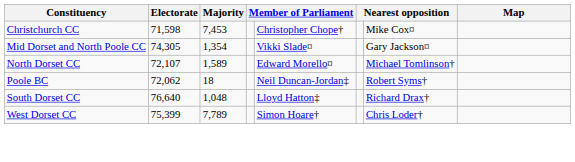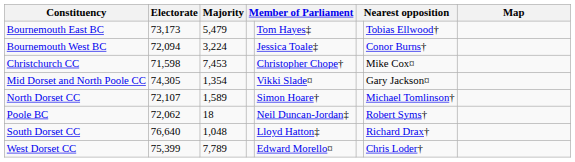 <table class="wikitable sortable">
 <tr>
 <th rowspan="1">Constituency</th>
 <th rowspan="1">Electorate</th>
 <th rowspan="1">Majority</th>
 <th colspan="2"><a href='#'>Member of Parliament</a></th>
 <th colspan="2">Nearest opposition</th>
 <th rowspan=1 class="unsortable" style="width:20%;">Map</th>
+</tr>
+<tr>
+<td><a href='#'>Bournemouth East BC</a></td>
+<td>73,173</td>
+<td>5,479</td>
+<td style="color:inherit;background:"> </td>
+<td><a href='#'>Tom Hayes</a>‡</td>
+<td style="color:inherit;background:"> </td>
+<td><a href='#'>Tobias Ellwood</a>†</td>
+<td></td>
+</tr>
+<tr>
+<td><a href='#'>Bournemouth West BC</a></td>
+<td>72,094</td>
+<td>3,224</td>
+<td style="color:inherit;background:"> </td>
+<td><a href='#'>Jessica Toale</a>‡</td>
+<td style="color:inherit;background:"> </td>
+<td><a href='#'>Conor Burns</a>†</td>
+<td></td>
 </tr>
 <tr>
 <td><a href='#'>Christchurch CC</a></td>
 <td>71,598</td>
 <td>7,453</td>
 <td style="color:inherit;background:"> </td>
 <td><a href='#'>Christopher Chope</a>†</td>
 <td style="color:inherit;background:"> </td>
 <td>Mike Cox¤</td>
 <td></td>
 </tr>
 <tr>
 <td><a href='#'>Mid Dorset and North Poole CC</a></td>
 <td>74,305</td>
 <td>1,354</td>
 <td style="color:inherit;background:"> </td>
 <td><a href='#'>Vikki Slade</a>¤</td>
 <td style="color:inherit;background:"> </td>
 <td>Gary Jackson¤</td>
 <td></td>
 </tr>
 <tr>
 <td><a href='#'>North Dorset CC</a></td>
 <td>72,107</td>
 <td>1,589</td>
 <td style="color:inherit;background:"> </td>
-<td><a href='#'>Edward Morello</a>¤</td>
+<td><a href='#'>Simon Hoare</a>†</td>
 <td style="color:inherit;background:"> </td>
 <td><a href='#'>Michael Tomlinson</a>†</td>
 <td></td>
 </tr>
 <tr>
 <td><a href='#'>Poole BC</a></td>
 <td>72,062</td>
 <td>18</td>
 <td style="color:inherit;background:"> </td>
 <td><a href='#'>Neil Duncan-Jordan</a>‡</td>
 <td style="color:inherit;background:"> </td>
 <td><a href='#'>Robert Syms</a>†</td>
 <td></td>
 </tr>
 <tr>
 <td><a href='#'>South Dorset CC</a></td>
 <td>76,640</td>
 <td>1,048</td>
 <td style="color:inherit;background:"> </td>
 <td><a href='#'>Lloyd Hatton</a>‡</td>
 <td style="color:inherit;background:"> </td>
 <td><a href='#'>Richard Drax</a>†</td>
 <td></td>
 </tr>
 <tr>
 <td><a href='#'>West Dorset CC</a></td>
 <td>75,399</td>
 <td>7,789</td>
 <td style="color:inherit;background:"> </td>
-<td><a href='#'>Simon Hoare</a>†</td>
+<td><a href='#'>Edward Morello</a>¤</td>
 <td style="color:inherit;background:"> </td>
 <td><a href='#'>Chris Loder</a>†</td>
 <td></td>
 </tr>
 </table>
